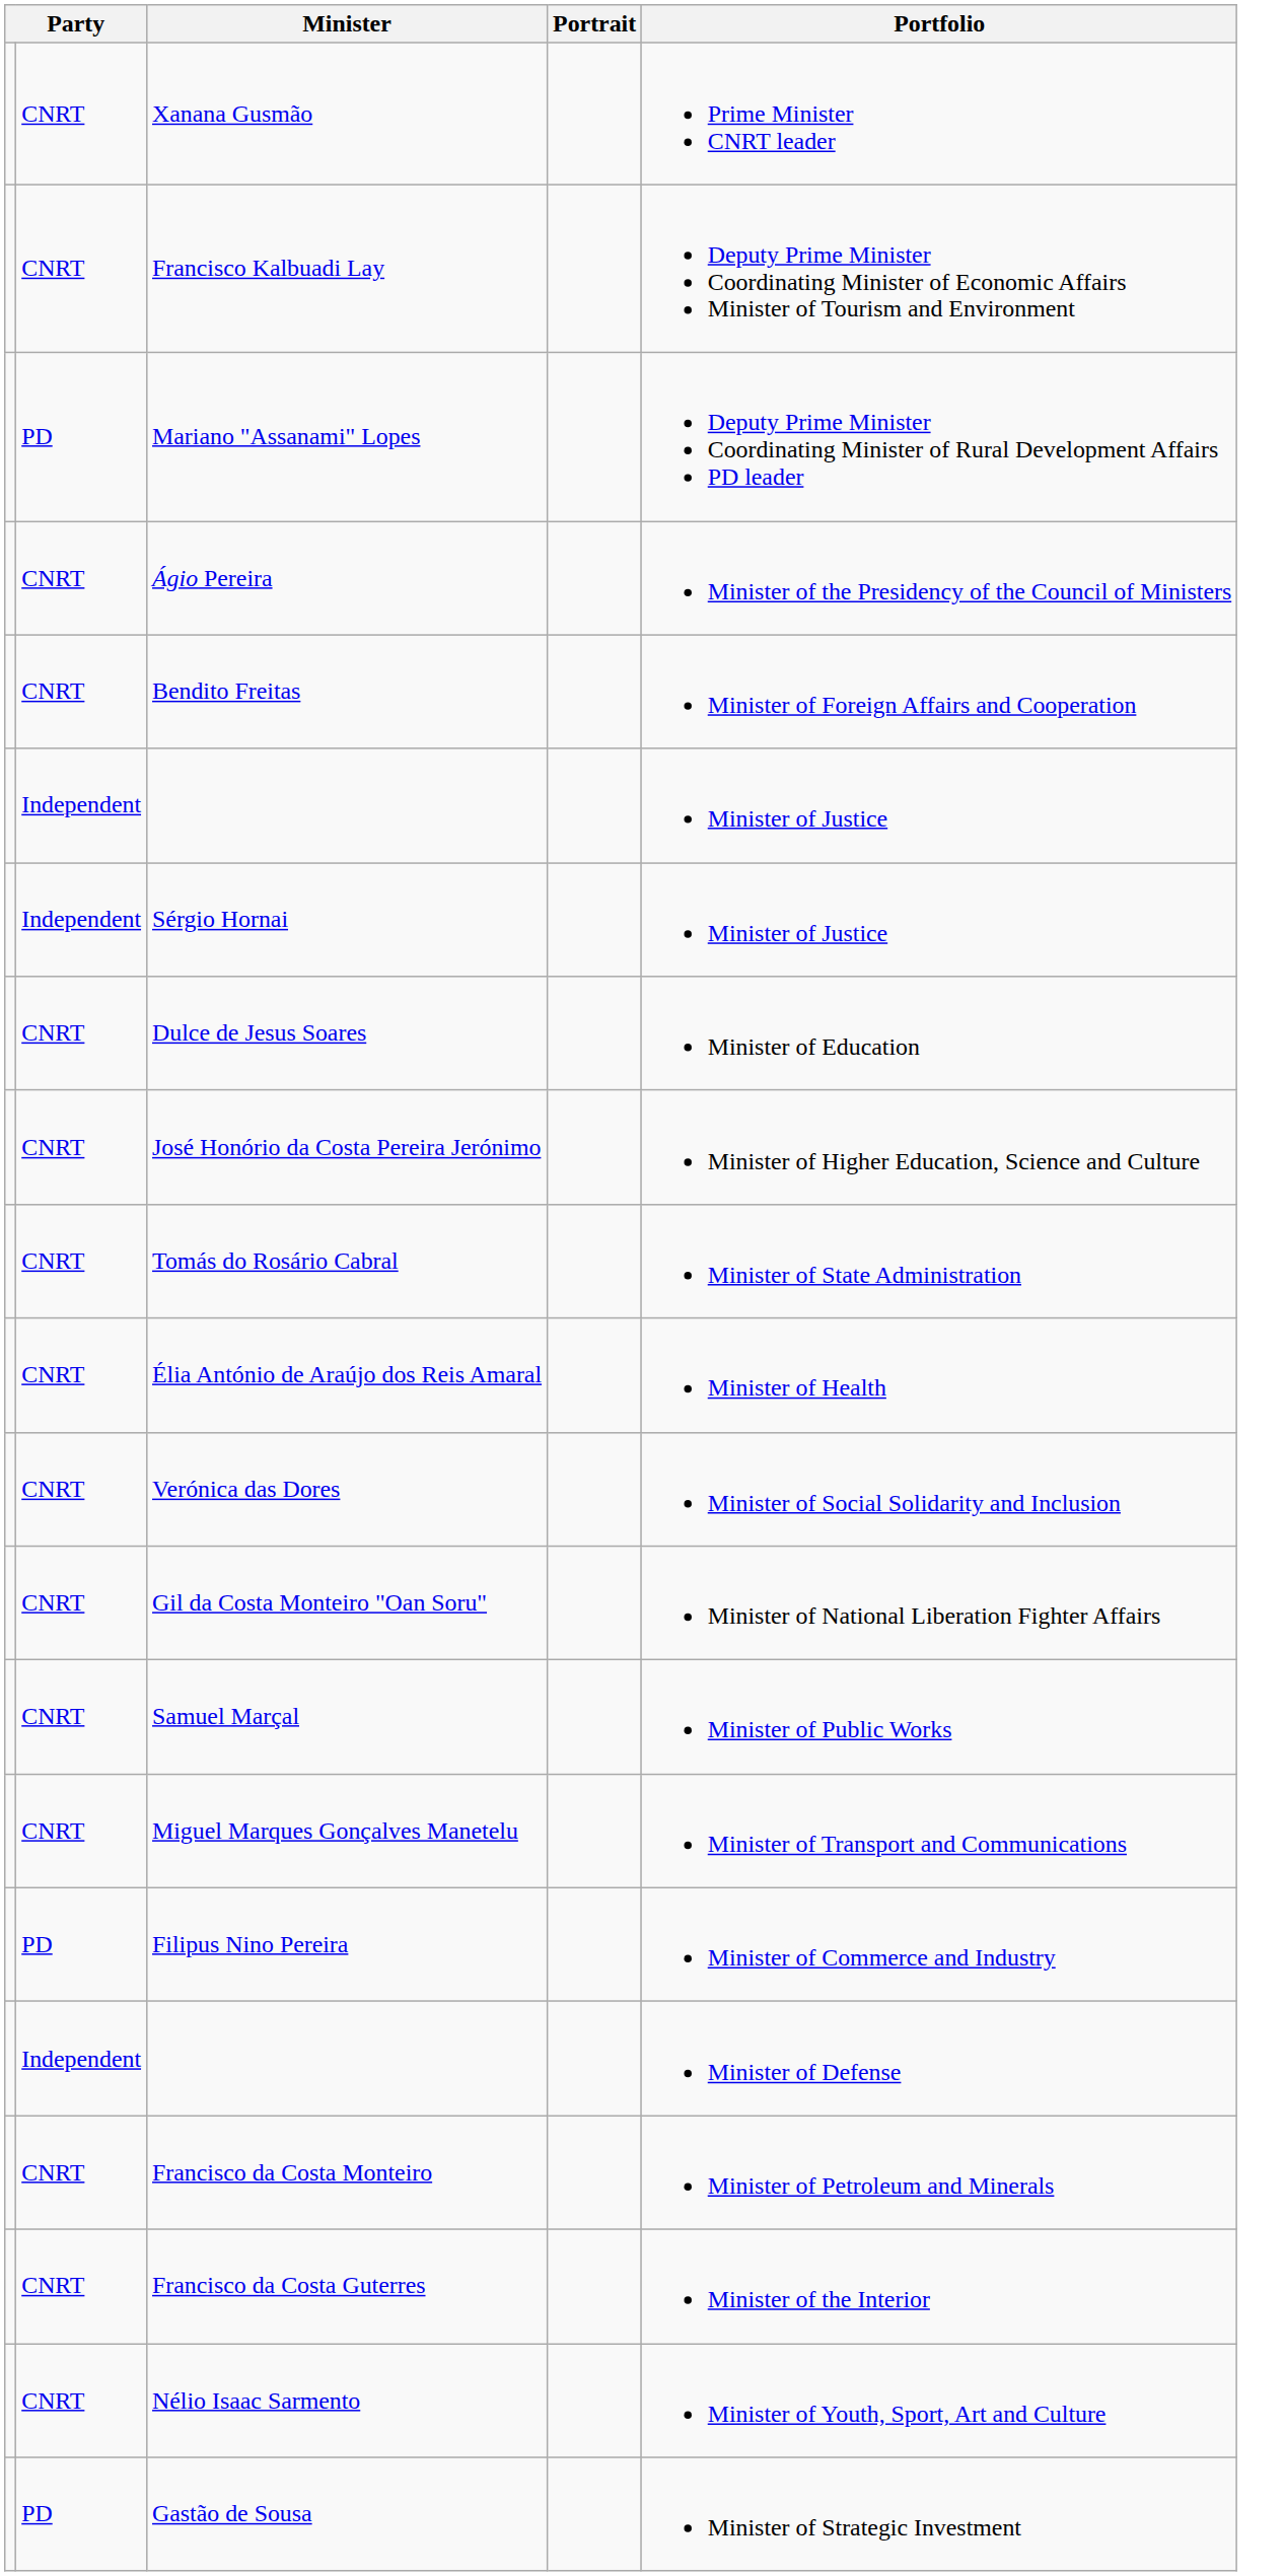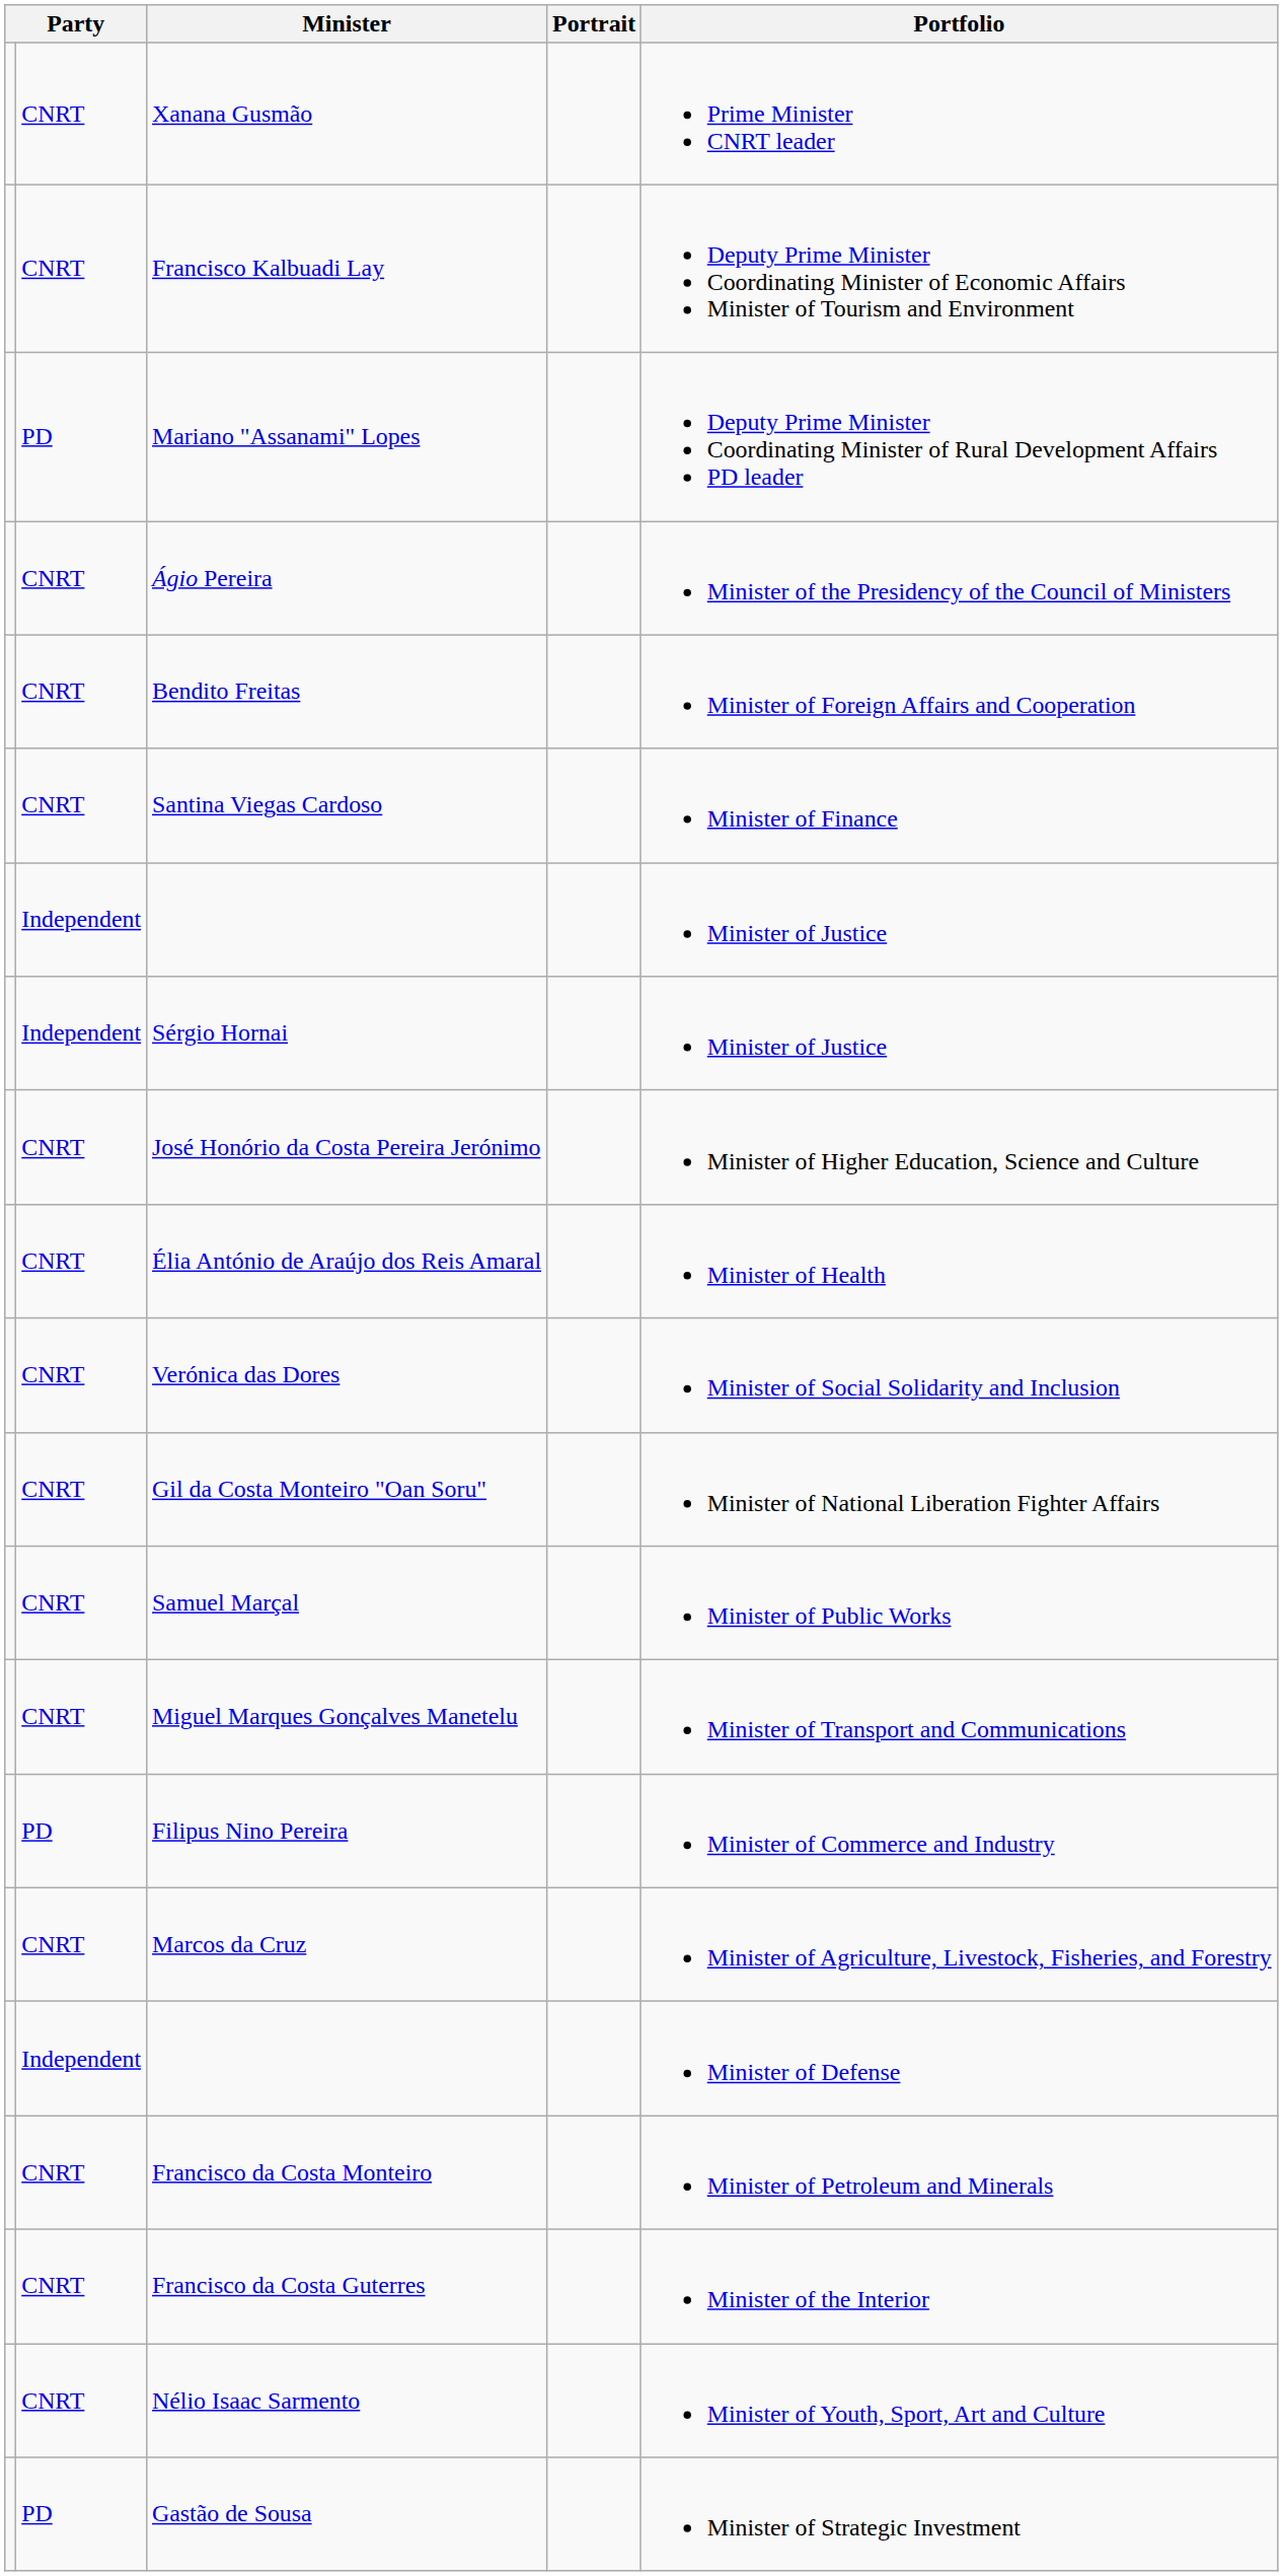 <table class="wikitable sortable">
 <tr>
 <th colspan="2">Party</th>
 <th>Minister</th>
 <th>Portrait</th>
 <th>Portfolio</th>
 </tr>
 <tr>
 <td style="background:"></td>
 <td><a href='#'>CNRT</a></td>
 <td><a href='#'>Xanana Gusmão</a></td>
 <td></td>
 <td><br><ul><li><a href='#'>Prime Minister</a></li><li><a href='#'>CNRT leader</a></li></ul></td>
 </tr>
 <tr>
 <td style="background:"></td>
 <td><a href='#'>CNRT</a></td>
 <td><a href='#'>Francisco Kalbuadi Lay</a></td>
 <td></td>
 <td><br><ul><li><a href='#'>Deputy Prime Minister</a></li><li>Coordinating Minister of Economic Affairs</li><li>Minister of Tourism and Environment</li></ul></td>
 </tr>
 <tr>
 <td style="background:"></td>
 <td><a href='#'>PD</a></td>
 <td><a href='#'>Mariano "Assanami" Lopes</a></td>
 <td></td>
 <td><br><ul><li><a href='#'>Deputy Prime Minister</a></li><li>Coordinating Minister of Rural Development Affairs</li><li><a href='#'>PD leader</a></li></ul></td>
 </tr>
 <tr>
 <td style="background:"></td>
 <td><a href='#'>CNRT</a></td>
 <td><a href='#'><em>Ágio</em> Pereira</a></td>
 <td></td>
 <td><br><ul><li><a href='#'>Minister of the Presidency of the Council of Ministers</a></li></ul></td>
 </tr>
 <tr>
 <td style="background:"></td>
 <td><a href='#'>CNRT</a></td>
 <td><a href='#'>Bendito Freitas</a></td>
 <td></td>
 <td><br><ul><li><a href='#'>Minister of Foreign Affairs and Cooperation</a></li></ul></td>
 </tr>
 <tr>
 <td style="background:"></td>
+<td><a href='#'>CNRT</a></td>
+<td><a href='#'>Santina Viegas Cardoso</a></td>
+<td></td>
+<td><br><ul><li><a href='#'>Minister of Finance</a></li></ul></td>
+</tr>
+<tr>
+<td style="background:"></td>
 <td><a href='#'>Independent</a></td>
 <td></td>
 <td></td>
 <td><br><ul><li><a href='#'>Minister of Justice</a><br></li></ul></td>
 </tr>
 <tr>
 <td style="background:"></td>
 <td><a href='#'>Independent</a></td>
 <td><a href='#'>Sérgio Hornai</a></td>
 <td></td>
 <td><br><ul><li><a href='#'>Minister of Justice</a><br></li></ul></td>
 </tr>
 <tr>
 <td style="background:"></td>
 <td><a href='#'>CNRT</a></td>
-<td><a href='#'>Dulce de Jesus Soares</a></td>
-<td></td>
-<td><br><ul><li>Minister of Education</li></ul></td>
-</tr>
-<tr>
-<td style="background:"></td>
-<td><a href='#'>CNRT</a></td>
 <td><a href='#'>José Honório da Costa Pereira Jerónimo</a></td>
 <td></td>
 <td><br><ul><li>Minister of Higher Education, Science and Culture</li></ul></td>
-</tr>
-<tr>
-<td style="background:"></td>
-<td><a href='#'>CNRT</a></td>
-<td><a href='#'>Tomás do Rosário Cabral</a></td>
-<td></td>
-<td><br><ul><li><a href='#'>Minister of State Administration</a></li></ul></td>
 </tr>
 <tr>
 <td style="background:"></td>
 <td><a href='#'>CNRT</a></td>
 <td><a href='#'>Élia António de Araújo dos Reis Amaral</a></td>
 <td></td>
 <td><br><ul><li><a href='#'>Minister of Health</a></li></ul></td>
 </tr>
 <tr>
 <td style="background:"></td>
 <td><a href='#'>CNRT</a></td>
 <td><a href='#'>Verónica das Dores</a></td>
 <td></td>
 <td><br><ul><li><a href='#'>Minister of Social Solidarity and Inclusion</a></li></ul></td>
 </tr>
 <tr>
 <td style="background:"></td>
 <td><a href='#'>CNRT</a></td>
 <td><a href='#'>Gil da Costa Monteiro "Oan Soru"</a></td>
 <td></td>
 <td><br><ul><li>Minister of National Liberation Fighter Affairs</li></ul></td>
 </tr>
 <tr>
 <td style="background:"></td>
 <td><a href='#'>CNRT</a></td>
 <td><a href='#'>Samuel Marçal</a></td>
 <td></td>
 <td><br><ul><li><a href='#'>Minister of Public Works</a></li></ul></td>
 </tr>
 <tr>
 <td style="background:"></td>
 <td><a href='#'>CNRT</a></td>
 <td><a href='#'>Miguel Marques Gonçalves Manetelu</a></td>
 <td></td>
 <td><br><ul><li><a href='#'>Minister of Transport and Communications</a></li></ul></td>
 </tr>
 <tr>
 <td style="background:"></td>
 <td><a href='#'>PD</a></td>
 <td><a href='#'>Filipus Nino Pereira</a></td>
 <td></td>
 <td><br><ul><li><a href='#'>Minister of Commerce and Industry</a></li></ul></td>
 </tr>
 <tr>
 <td style="background:"></td>
+<td><a href='#'>CNRT</a></td>
+<td><a href='#'>Marcos da Cruz</a></td>
+<td></td>
+<td><br><ul><li><a href='#'>Minister of Agriculture, Livestock, Fisheries, and Forestry</a></li></ul></td>
+</tr>
+<tr>
+<td style="background:"></td>
 <td><a href='#'>Independent</a></td>
 <td></td>
 <td></td>
 <td><br><ul><li><a href='#'>Minister of Defense</a></li></ul></td>
 </tr>
 <tr>
 <td style="background:"></td>
 <td><a href='#'>CNRT</a></td>
 <td><a href='#'>Francisco da Costa Monteiro</a></td>
 <td></td>
 <td><br><ul><li><a href='#'>Minister of Petroleum and Minerals</a></li></ul></td>
 </tr>
 <tr>
 <td style="background:"></td>
 <td><a href='#'>CNRT</a></td>
 <td><a href='#'>Francisco da Costa Guterres</a></td>
 <td></td>
 <td><br><ul><li><a href='#'>Minister of the Interior</a></li></ul></td>
 </tr>
 <tr>
 <td style="background:"></td>
 <td><a href='#'>CNRT</a></td>
 <td><a href='#'>Nélio Isaac Sarmento</a></td>
 <td></td>
 <td><br><ul><li><a href='#'>Minister of Youth, Sport, Art and Culture</a></li></ul></td>
 </tr>
 <tr>
 <td style="background:"></td>
 <td><a href='#'>PD</a></td>
 <td><a href='#'>Gastão de Sousa</a></td>
 <td></td>
 <td><br><ul><li>Minister of Strategic Investment</li></ul></td>
 </tr>
 </table>
